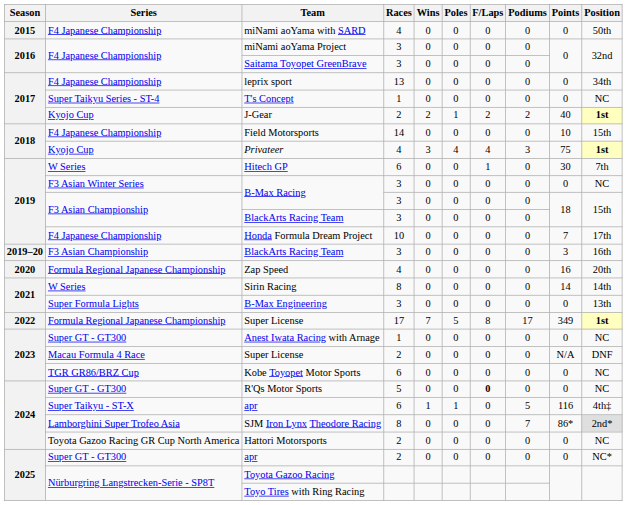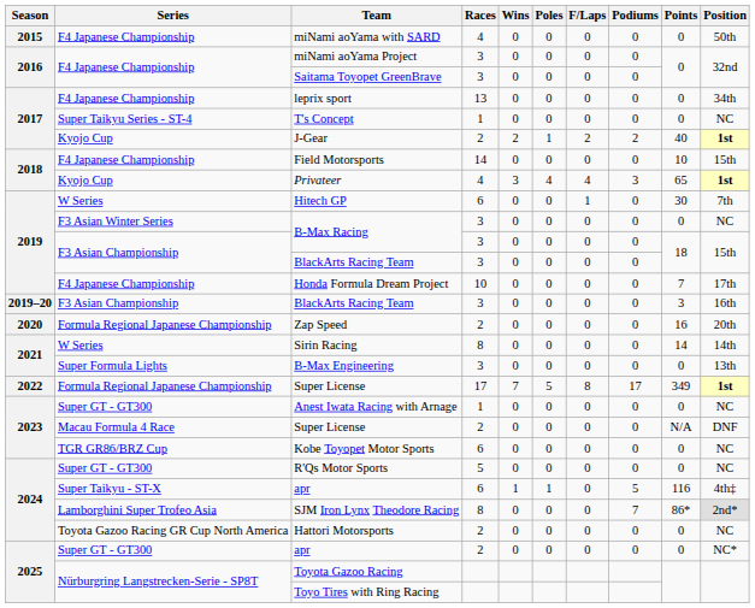 <table class="wikitable" style="font-size: 90%; text-align:center">
 <tr>
 <th>Season</th>
 <th>Series</th>
 <th>Team</th>
 <th>Races</th>
 <th>Wins</th>
 <th>Poles</th>
 <th>F/Laps</th>
 <th>Podiums</th>
 <th>Points</th>
 <th>Position</th>
 </tr>
 <tr>
 <th>2015</th>
 <td align=left><a href='#'>F4 Japanese Championship</a></td>
 <td align=left>miNami aoYama with <a href='#'>SARD</a></td>
 <td>4</td>
 <td>0</td>
 <td>0</td>
 <td>0</td>
 <td>0</td>
 <td>0</td>
 <td>50th</td>
 </tr>
 <tr>
 <th rowspan="2">2016</th>
 <td rowspan="2" align=left><a href='#'>F4 Japanese Championship</a></td>
 <td align=left>miNami aoYama Project</td>
 <td>3</td>
 <td>0</td>
 <td>0</td>
 <td>0</td>
 <td>0</td>
 <td rowspan="2">0</td>
 <td rowspan="2">32nd</td>
 </tr>
 <tr>
 <td align="left"><a href='#'>Saitama Toyopet GreenBrave</a></td>
 <td>3</td>
 <td>0</td>
 <td>0</td>
 <td>0</td>
 <td>0</td>
 </tr>
 <tr>
 <th rowspan="3">2017</th>
 <td align=left><a href='#'>F4 Japanese Championship</a></td>
 <td align=left>leprix sport</td>
 <td>13</td>
 <td>0</td>
 <td>0</td>
 <td>0</td>
 <td>0</td>
 <td>0</td>
 <td>34th</td>
 </tr>
 <tr>
 <td align=left><a href='#'>Super Taikyu Series - ST-4</a></td>
 <td align=left><a href='#'>T's Concept</a></td>
 <td>1</td>
 <td>0</td>
 <td>0</td>
 <td>0</td>
 <td>0</td>
 <td>0</td>
 <td>NC</td>
 </tr>
 <tr>
 <td align=left><a href='#'>Kyojo Cup</a></td>
 <td align=left>J-Gear</td>
 <td>2</td>
 <td>2</td>
 <td>1</td>
 <td>2</td>
 <td>2</td>
 <td>40</td>
 <td style="background:#FFFFBF"><strong>1st</strong></td>
 </tr>
 <tr>
 <th rowspan="2">2018</th>
 <td align=left><a href='#'>F4 Japanese Championship</a></td>
 <td align=left>Field Motorsports</td>
 <td>14</td>
 <td>0</td>
 <td>0</td>
 <td>0</td>
 <td>0</td>
 <td>10</td>
 <td>15th</td>
 </tr>
 <tr>
 <td align=left><a href='#'>Kyojo Cup</a></td>
 <td align=left><em>Privateer</em></td>
 <td>4</td>
 <td>3</td>
 <td>4</td>
 <td>4</td>
 <td>3</td>
-<td>75</td>
+<td>65</td>
 <td style="background:#FFFFBF"><strong>1st</strong></td>
 </tr>
 <tr>
 <th rowspan=5>2019</th>
 <td align=left><a href='#'>W Series</a></td>
 <td align=left><a href='#'>Hitech GP</a></td>
 <td>6</td>
 <td>0</td>
 <td>0</td>
 <td>1</td>
 <td>0</td>
 <td>30</td>
 <td>7th</td>
 </tr>
 <tr>
 <td align=left><a href='#'>F3 Asian Winter Series</a></td>
 <td rowspan=2 align=left><a href='#'>B-Max Racing</a></td>
 <td>3</td>
 <td>0</td>
 <td>0</td>
 <td>0</td>
 <td>0</td>
 <td>0</td>
 <td>NC</td>
 </tr>
 <tr>
 <td rowspan=2 align=left><a href='#'>F3 Asian Championship</a></td>
 <td>3</td>
 <td>0</td>
 <td>0</td>
 <td>0</td>
 <td>0</td>
 <td rowspan=2>18</td>
 <td rowspan=2>15th</td>
 </tr>
 <tr>
 <td align=left><a href='#'>BlackArts Racing Team</a></td>
 <td>3</td>
 <td>0</td>
 <td>0</td>
 <td>0</td>
 <td>0</td>
 </tr>
 <tr>
 <td align=left><a href='#'>F4 Japanese Championship</a></td>
 <td align=left><a href='#'>Honda</a> Formula Dream Project</td>
 <td>10</td>
 <td>0</td>
 <td>0</td>
 <td>0</td>
 <td>0</td>
 <td>7</td>
 <td>17th</td>
 </tr>
 <tr>
 <th>2019–20</th>
 <td align=left><a href='#'>F3 Asian Championship</a></td>
 <td align=left><a href='#'>BlackArts Racing Team</a></td>
 <td>3</td>
 <td>0</td>
 <td>0</td>
 <td>0</td>
 <td>0</td>
 <td>3</td>
 <td>16th</td>
 </tr>
 <tr>
 <th>2020</th>
 <td align=left><a href='#'>Formula Regional Japanese Championship</a></td>
 <td align=left>Zap Speed</td>
-<td>4</td>
+<td>2</td>
 <td>0</td>
 <td>0</td>
 <td>0</td>
 <td>0</td>
 <td>16</td>
 <td>20th</td>
 </tr>
 <tr>
 <th rowspan=2>2021</th>
 <td align=left><a href='#'>W Series</a></td>
 <td align=left>Sirin Racing</td>
 <td>8</td>
 <td>0</td>
 <td>0</td>
 <td>0</td>
 <td>0</td>
 <td>14</td>
 <td>14th</td>
 </tr>
 <tr>
 <td align=left><a href='#'>Super Formula Lights</a></td>
 <td align=left><a href='#'>B-Max Engineering</a></td>
 <td>3</td>
 <td>0</td>
 <td>0</td>
 <td>0</td>
 <td>0</td>
 <td>0</td>
 <td>13th</td>
 </tr>
 <tr>
 <th>2022</th>
 <td align=left><a href='#'>Formula Regional Japanese Championship</a></td>
 <td align=left>Super License</td>
 <td>17</td>
 <td>7</td>
 <td>5</td>
 <td>8</td>
 <td>17</td>
 <td>349</td>
 <td style="background:#FFFFBF"><strong>1st</strong></td>
 </tr>
 <tr>
 <th rowspan="3">2023</th>
 <td align=left><a href='#'>Super GT - GT300</a></td>
 <td align=left><a href='#'>Anest Iwata Racing</a> with Arnage</td>
 <td>1</td>
 <td>0</td>
 <td>0</td>
 <td>0</td>
 <td>0</td>
 <td>0</td>
 <td>NC</td>
 </tr>
 <tr>
 <td align=left><a href='#'>Macau Formula 4 Race</a></td>
 <td align=left>Super License</td>
 <td>2</td>
 <td>0</td>
 <td>0</td>
 <td>0</td>
 <td>0</td>
 <td>N/A</td>
 <td>DNF</td>
 </tr>
 <tr>
 <td align=left><a href='#'>TGR GR86/BRZ Cup</a></td>
 <td align=left>Kobe <a href='#'>Toyopet</a> Motor Sports</td>
 <td>6</td>
 <td>0</td>
 <td>0</td>
 <td>0</td>
 <td>0</td>
 <td>0</td>
 <td>NC</td>
 </tr>
 <tr>
 <th rowspan="4">2024</th>
 <td align=left><a href='#'>Super GT - GT300</a></td>
 <td align=left>R'Qs Motor Sports</td>
 <td>5</td>
 <td>0</td>
 <td>0</td>
-<td><strong>0</strong></td>
+<td>0</td>
 <td>0</td>
 <td>0</td>
 <td>NC</td>
 </tr>
 <tr>
 <td align=left><a href='#'>Super Taikyu - ST-X</a></td>
 <td align=left><a href='#'>apr</a></td>
 <td>6</td>
 <td>1</td>
 <td>1</td>
 <td>0</td>
 <td>5</td>
 <td>116</td>
 <td>4th‡</td>
 </tr>
 <tr>
 <td align=left><a href='#'>Lamborghini Super Trofeo Asia</a></td>
 <td align=left>SJM <a href='#'>Iron Lynx</a> <a href='#'>Theodore Racing</a></td>
 <td>8</td>
 <td>0</td>
 <td>0</td>
 <td>0</td>
 <td>7</td>
 <td>86*</td>
 <td style="background:#dfdfdf">2nd*</td>
 </tr>
 <tr>
 <td align=left>Toyota Gazoo Racing GR Cup North America</td>
 <td align=left>Hattori Motorsports</td>
 <td>2</td>
 <td>0</td>
 <td>0</td>
 <td>0</td>
 <td>0</td>
 <td>0</td>
 <td>NC</td>
 </tr>
 <tr>
 <th rowspan="3">2025</th>
 <td align=left><a href='#'>Super GT - GT300</a></td>
 <td align=left><a href='#'>apr</a></td>
 <td>2</td>
 <td>0</td>
 <td>0</td>
 <td>0</td>
 <td>0</td>
 <td>0</td>
 <td>NC*</td>
 </tr>
 <tr>
 <td rowspan="2" align="left"><a href='#'>Nürburgring Langstrecken-Serie - SP8T</a></td>
 <td align=left><a href='#'>Toyota Gazoo Racing</a></td>
 <td></td>
 <td></td>
 <td></td>
 <td></td>
 <td></td>
 <td rowspan="2"></td>
 <td rowspan="2"></td>
 </tr>
 <tr>
 <td align="left"><a href='#'>Toyo Tires</a> with Ring Racing</td>
 <td></td>
 <td></td>
 <td></td>
 <td></td>
 <td></td>
 </tr>
 </table>
